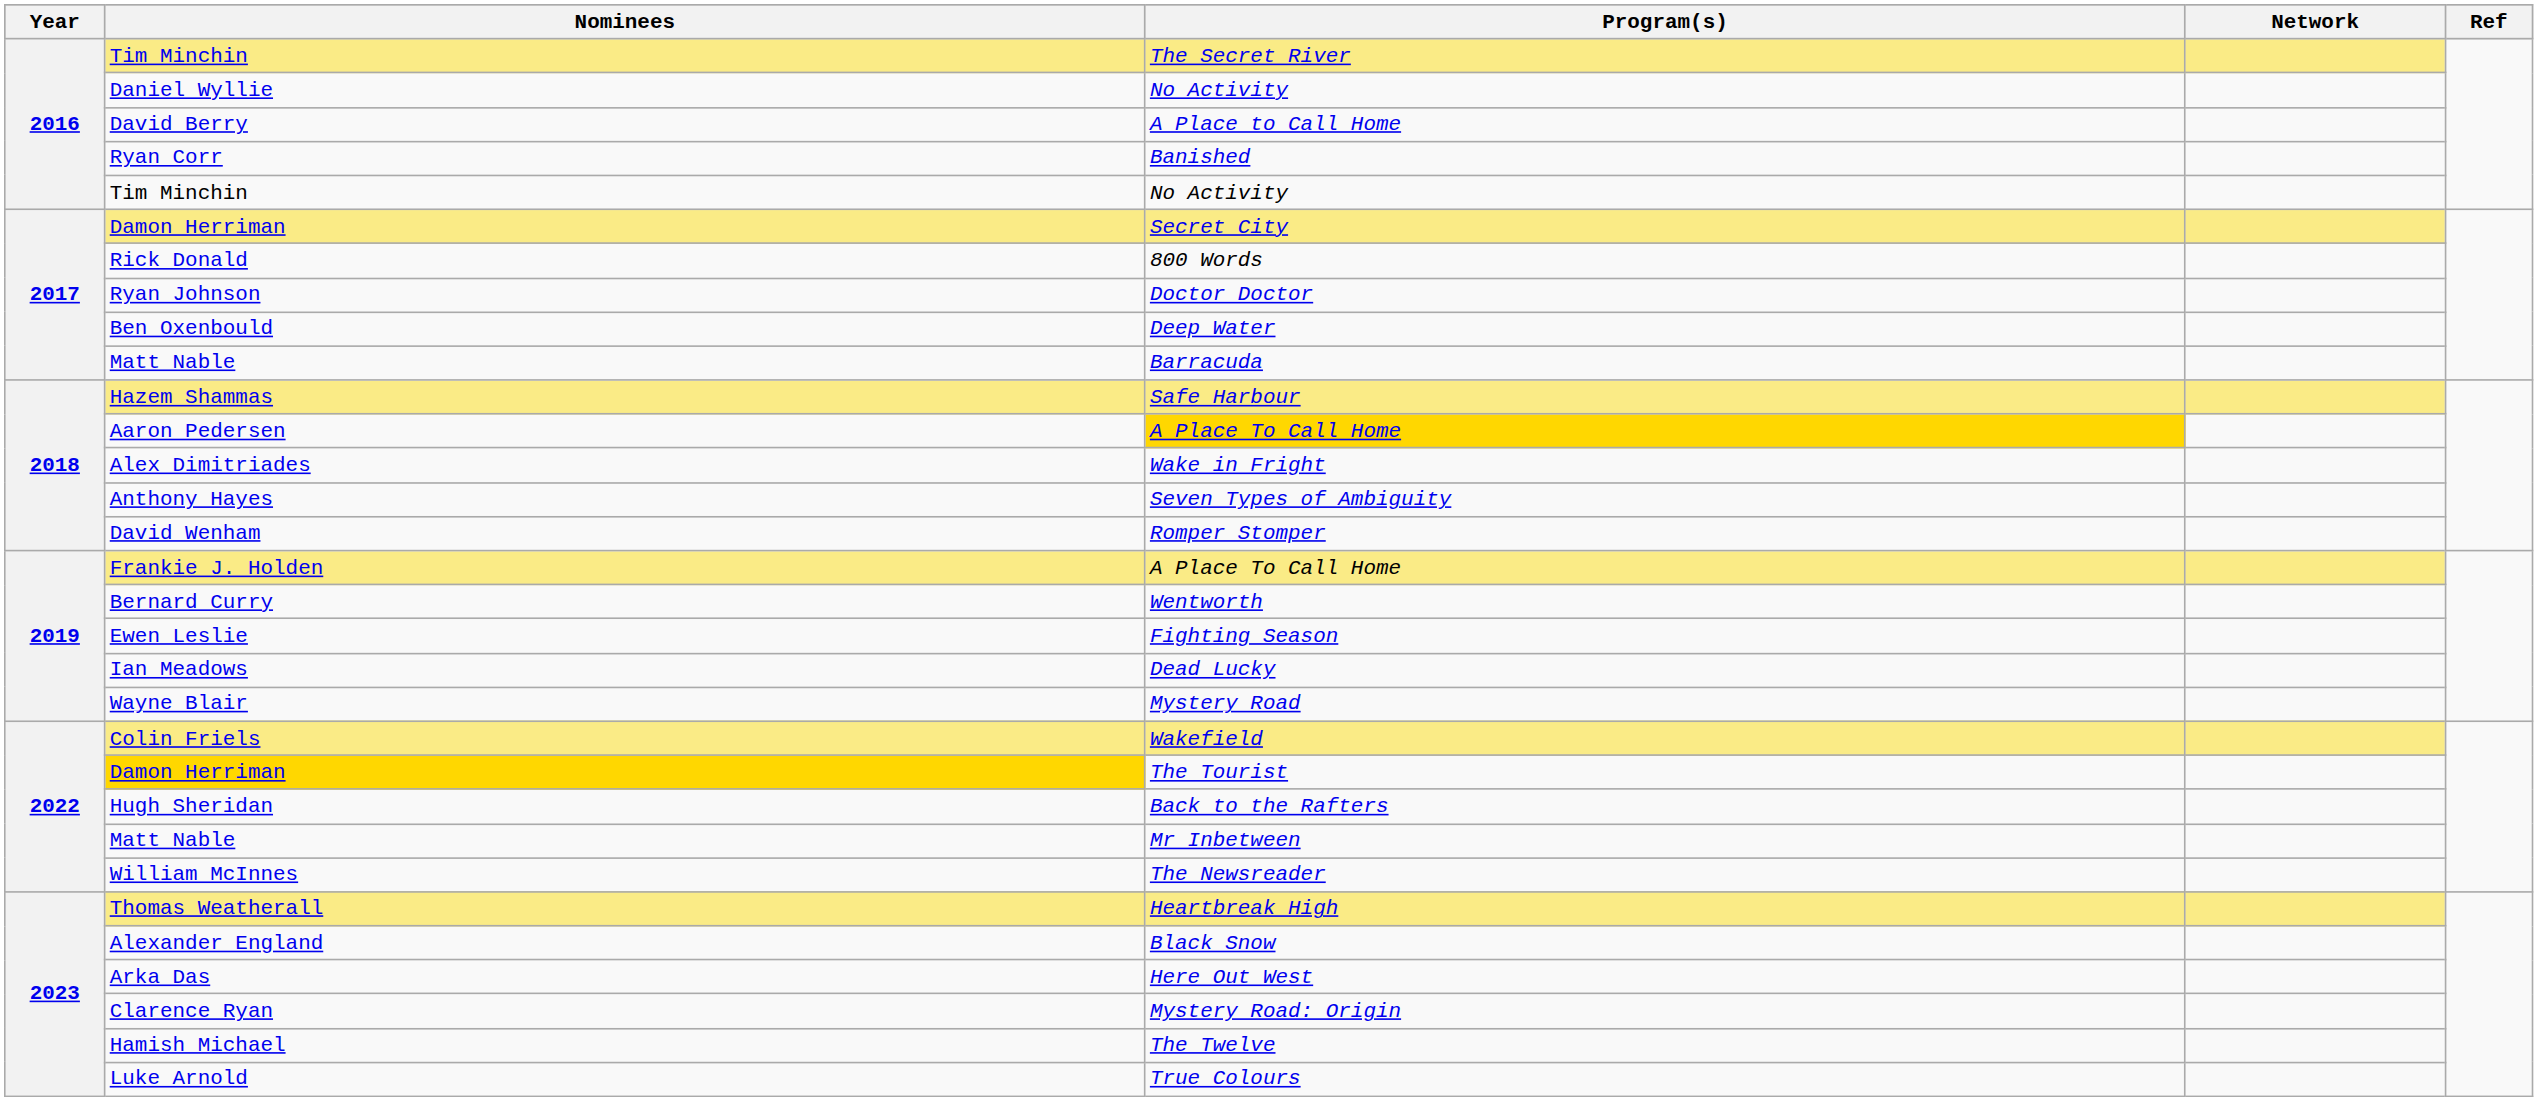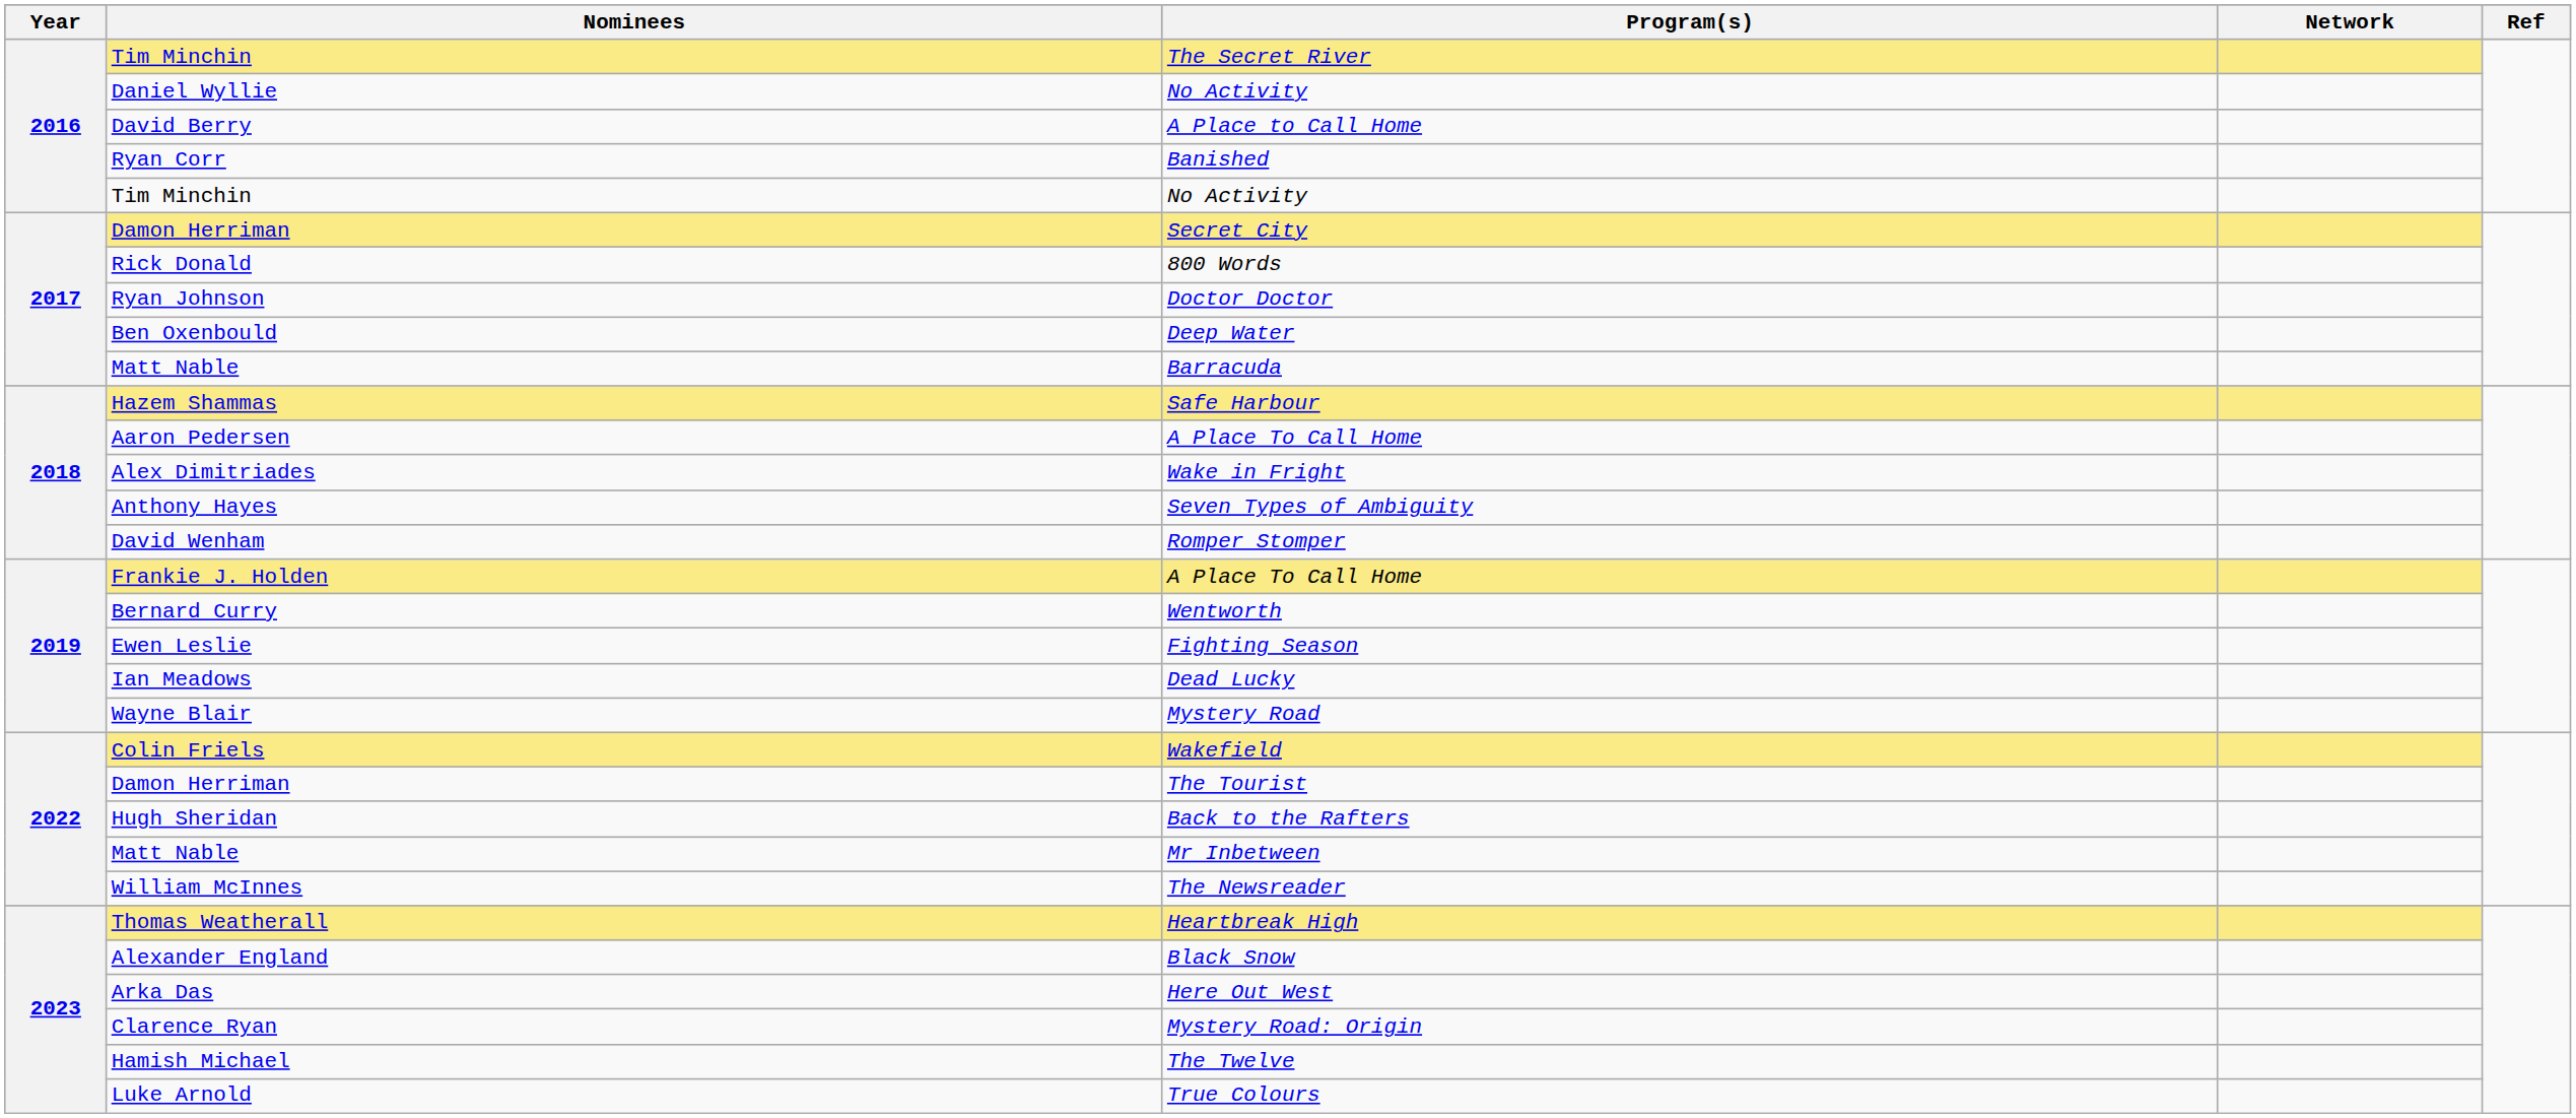 <table class="wikitable sortable">
 <tr style="background:#bebebe;">
 <th scope="col" style="width:1%;">Year</th>
 <th scope="col" style="width:16%;">Nominees</th>
 <th scope="col" style="width:16%;">Program(s)</th>
 <th scope="col" style="width:4%;">Network</th>
 <th scope="col" style="width:1%;" class="unsortable">Ref</th>
 </tr>
 <tr>
 <th scope="row" rowspan="5" style="text-align:center"><a href='#'>2016</a></th>
 <td style="background:#FAEB86"><a href='#'>Tim Minchin</a></td>
 <td style="background:#FAEB86"><em><a href='#'>The Secret River</a></em></td>
 <td style="background:#FAEB86"></td>
 <td rowspan="5"></td>
 </tr>
 <tr>
 <td><a href='#'>Daniel Wyllie</a></td>
 <td><em><a href='#'>No Activity</a></em></td>
 <td></td>
 </tr>
 <tr>
 <td><a href='#'>David Berry</a></td>
 <td><em><a href='#'>A Place to Call Home</a></em></td>
 <td></td>
 </tr>
 <tr>
 <td><a href='#'>Ryan Corr</a></td>
 <td><em><a href='#'>Banished</a></em></td>
 <td></td>
 </tr>
 <tr>
 <td>Tim Minchin</td>
 <td><em>No Activity</em></td>
 <td></td>
 </tr>
 <tr>
 <th scope="row" rowspan="5" style="text-align:center"><a href='#'>2017</a></th>
 <td style="background:#FAEB86"><a href='#'>Damon Herriman</a></td>
 <td style="background:#FAEB86"><em><a href='#'>Secret City</a></em></td>
 <td style="background:#FAEB86"></td>
 <td rowspan="5"></td>
 </tr>
 <tr>
 <td><a href='#'>Rick Donald</a></td>
 <td><em>800 Words</em></td>
 <td></td>
 </tr>
 <tr>
 <td><a href='#'>Ryan Johnson</a></td>
 <td><em><a href='#'>Doctor Doctor</a></em></td>
 <td></td>
 </tr>
 <tr>
 <td><a href='#'>Ben Oxenbould</a></td>
 <td><em><a href='#'>Deep Water</a></em></td>
 <td></td>
 </tr>
 <tr>
 <td><a href='#'>Matt Nable</a></td>
 <td><em><a href='#'>Barracuda</a></em></td>
 <td></td>
 </tr>
 <tr>
 <th scope="row" rowspan="5" style="text-align:center"><a href='#'>2018</a></th>
 <td style="background:#FAEB86"><a href='#'>Hazem Shammas</a></td>
 <td style="background:#FAEB86"><em><a href='#'>Safe Harbour</a></em></td>
 <td style="background:#FAEB86"></td>
 <td rowspan="5"></td>
 </tr>
 <tr>
 <td><a href='#'>Aaron Pedersen</a></td>
-<td style="background: gold;"><em><a href='#'>A Place To Call Home</a></em></td>
+<td><em><a href='#'>A Place To Call Home</a></em></td>
 <td></td>
 </tr>
 <tr>
 <td><a href='#'>Alex Dimitriades</a></td>
 <td><em><a href='#'>Wake in Fright</a></em></td>
 <td></td>
 </tr>
 <tr>
 <td><a href='#'>Anthony Hayes</a></td>
 <td><em><a href='#'>Seven Types of Ambiguity</a></em></td>
 <td></td>
 </tr>
 <tr>
 <td><a href='#'>David Wenham</a></td>
 <td><em><a href='#'>Romper Stomper</a></em></td>
 <td></td>
 </tr>
 <tr>
 <th scope="row" rowspan="5" style="text-align:center"><a href='#'>2019</a></th>
 <td style="background:#FAEB86"><a href='#'>Frankie J. Holden</a></td>
 <td style="background:#FAEB86"><em>A Place To Call Home</em></td>
 <td style="background:#FAEB86"></td>
 <td rowspan="5"></td>
 </tr>
 <tr>
 <td><a href='#'>Bernard Curry</a></td>
 <td><em><a href='#'>Wentworth</a></em></td>
 <td></td>
 </tr>
 <tr>
 <td><a href='#'>Ewen Leslie</a></td>
 <td><em><a href='#'>Fighting Season</a></em></td>
 <td></td>
 </tr>
 <tr>
 <td><a href='#'>Ian Meadows</a></td>
 <td><em><a href='#'>Dead Lucky</a></em></td>
 <td></td>
 </tr>
 <tr>
 <td><a href='#'>Wayne Blair</a></td>
 <td><em><a href='#'>Mystery Road</a></em></td>
 <td></td>
 </tr>
 <tr>
 <th scope="row" rowspan="5" style="text-align:center"><a href='#'>2022</a></th>
 <td style="background:#FAEB86"><a href='#'>Colin Friels</a></td>
 <td style="background:#FAEB86"><em><a href='#'>Wakefield</a></em></td>
 <td style="background:#FAEB86"></td>
 <td rowspan="5"></td>
 </tr>
 <tr>
-<td style="background: gold;"><a href='#'>Damon Herriman</a></td>
+<td><a href='#'>Damon Herriman</a></td>
 <td><em><a href='#'>The Tourist</a></em></td>
 <td></td>
 </tr>
 <tr>
 <td><a href='#'>Hugh Sheridan</a></td>
 <td><em><a href='#'>Back to the Rafters</a></em></td>
 <td></td>
 </tr>
 <tr>
 <td><a href='#'>Matt Nable</a></td>
 <td><em><a href='#'>Mr Inbetween</a></em></td>
 <td></td>
 </tr>
 <tr>
 <td><a href='#'>William McInnes</a></td>
 <td><em><a href='#'>The Newsreader</a></em></td>
 <td></td>
 </tr>
 <tr>
 <th rowspan="6"><a href='#'>2023</a></th>
 <td style="background:#FAEB86"><a href='#'>Thomas Weatherall</a></td>
 <td style="background:#FAEB86"><em><a href='#'>Heartbreak High</a></em></td>
 <td style="background:#FAEB86"></td>
 <td rowspan="6"></td>
 </tr>
 <tr>
 <td><a href='#'>Alexander England</a></td>
 <td><em><a href='#'>Black Snow</a></em></td>
 <td></td>
 </tr>
 <tr>
 <td><a href='#'>Arka Das</a></td>
 <td><em><a href='#'>Here Out West</a></em></td>
 <td></td>
 </tr>
 <tr>
 <td><a href='#'>Clarence Ryan</a></td>
 <td><em><a href='#'>Mystery Road: Origin</a></em></td>
 <td></td>
 </tr>
 <tr>
 <td><a href='#'>Hamish Michael</a></td>
 <td><em><a href='#'>The Twelve</a></em></td>
 <td></td>
 </tr>
 <tr>
 <td><a href='#'>Luke Arnold</a></td>
 <td><em><a href='#'>True Colours</a></em></td>
 <td></td>
 </tr>
 </table>
